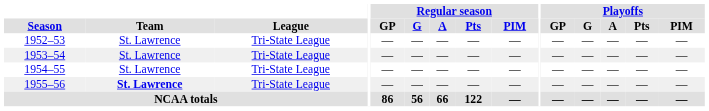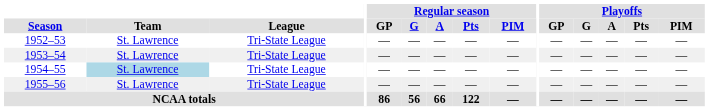 <table border="0" cellpadding="1" cellspacing="0" style="text-align:center; width:60em">
 <tr bgcolor="#e0e0e0">
 <th colspan="3" bgcolor="#ffffff"></th>
 <th rowspan="99" bgcolor="#ffffff"></th>
 <th colspan="5"><a href='#'>Regular season</a></th>
 <th rowspan="99" bgcolor="#ffffff"></th>
 <th colspan="5"><a href='#'>Playoffs</a></th>
 </tr>
 <tr bgcolor="#e0e0e0">
 <th><a href='#'>Season</a></th>
 <th>Team</th>
 <th>League</th>
 <th>GP</th>
 <th><a href='#'>G</a></th>
 <th><a href='#'>A</a></th>
 <th><a href='#'>Pts</a></th>
 <th><a href='#'>PIM</a></th>
 <th>GP</th>
 <th>G</th>
 <th>A</th>
 <th>Pts</th>
 <th>PIM</th>
 </tr>
 <tr>
 <td><a href='#'>1952–53</a></td>
 <td><a href='#'>St. Lawrence</a></td>
 <td><a href='#'>Tri-State League</a></td>
 <td>—</td>
 <td>—</td>
 <td>—</td>
 <td>—</td>
 <td>—</td>
 <td>—</td>
 <td>—</td>
 <td>—</td>
 <td>—</td>
 <td>—</td>
 </tr>
 <tr bgcolor="f0f0f0">
 <td><a href='#'>1953–54</a></td>
 <td><a href='#'>St. Lawrence</a></td>
 <td><a href='#'>Tri-State League</a></td>
 <td>—</td>
 <td>—</td>
 <td>—</td>
 <td>—</td>
 <td>—</td>
 <td>—</td>
 <td>—</td>
 <td>—</td>
 <td>—</td>
 <td>—</td>
 </tr>
 <tr>
 <td><a href='#'>1954–55</a></td>
-<td><a href='#'>St. Lawrence</a></td>
+<td style="background: lightblue;"><a href='#'>St. Lawrence</a></td>
 <td><a href='#'>Tri-State League</a></td>
 <td>—</td>
 <td>—</td>
 <td>—</td>
 <td>—</td>
 <td>—</td>
 <td>—</td>
 <td>—</td>
 <td>—</td>
 <td>—</td>
 <td>—</td>
 </tr>
 <tr bgcolor="f0f0f0">
 <td><a href='#'>1955–56</a></td>
-<td><strong><a href='#'>St. Lawrence</a></strong></td>
+<td><a href='#'>St. Lawrence</a></td>
 <td><a href='#'>Tri-State League</a></td>
 <td>—</td>
 <td>—</td>
 <td>—</td>
 <td>—</td>
 <td>—</td>
 <td>—</td>
 <td>—</td>
 <td>—</td>
 <td>—</td>
 <td>—</td>
 </tr>
 <tr bgcolor="#e0e0e0">
 <th colspan="3">NCAA totals</th>
 <th>86</th>
 <th>56</th>
 <th>66</th>
 <th>122</th>
 <th>—</th>
 <th>—</th>
 <th>—</th>
 <th>—</th>
 <th>—</th>
 <th>—</th>
 </tr>
 </table>
